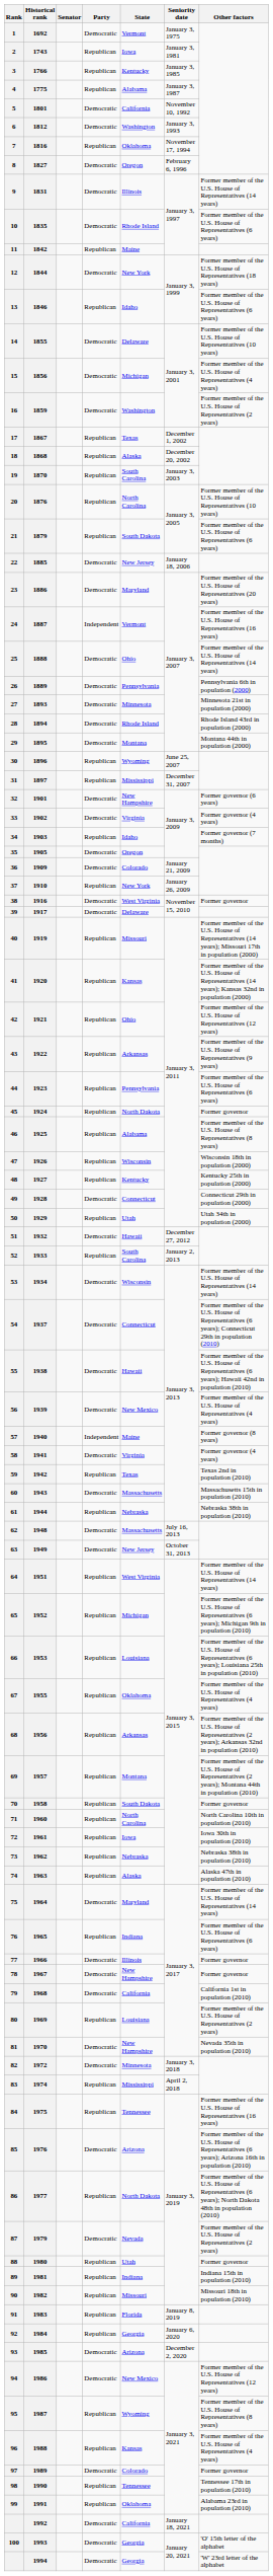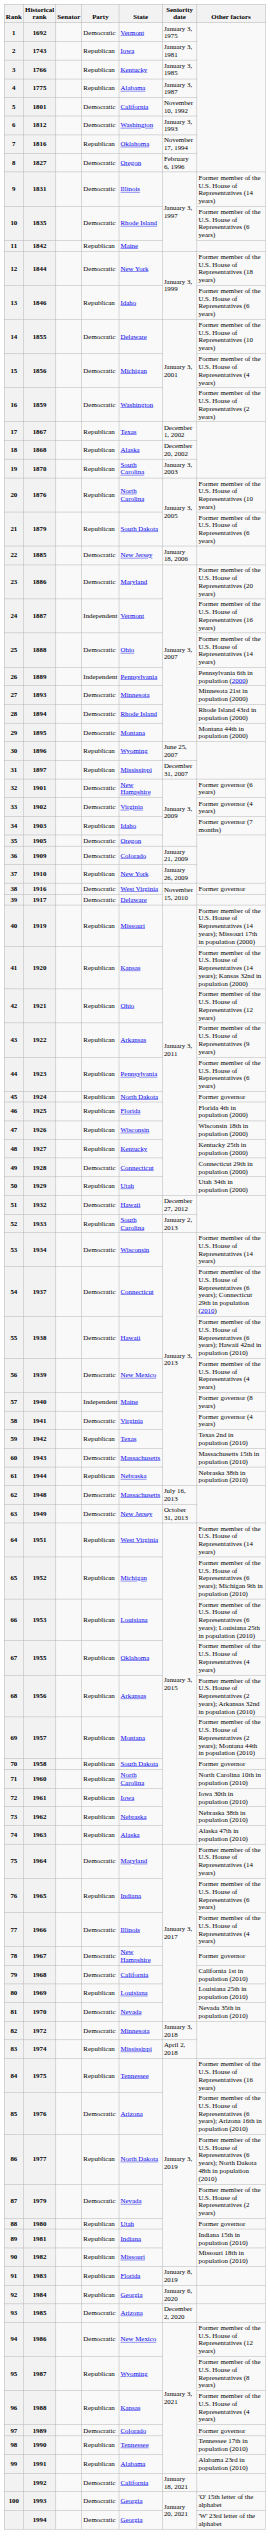 <table class="wikitable sortable">
 <tr valign=bottom>
 <th>Rank</th>
 <th>Historical<br>rank</th>
 <th>Senator</th>
 <th>Party</th>
 <th>State</th>
 <th>Seniority date</th>
 <th>Other factors</th>
 </tr>
 <tr>
 <th>1</th>
 <th>1692</th>
 <td></td>
 <td>Democratic</td>
 <td><a href='#'>Vermont</a></td>
 <td>January 3, 1975</td>
 <td rowspan=8> </td>
 </tr>
 <tr>
 <th>2</th>
 <th>1743</th>
 <td></td>
 <td>Republican</td>
 <td><a href='#'>Iowa</a></td>
 <td>January 3, 1981</td>
 </tr>
 <tr>
 <th>3</th>
 <th>1766</th>
 <td></td>
 <td>Republican</td>
 <td><a href='#'>Kentucky</a></td>
 <td>January 3, 1985</td>
 </tr>
 <tr>
 <th>4</th>
 <th>1775</th>
 <td></td>
 <td>Republican</td>
 <td><a href='#'>Alabama</a></td>
 <td>January 3, 1987</td>
 </tr>
 <tr>
 <th>5</th>
 <th>1801</th>
 <td></td>
 <td>Democratic</td>
 <td><a href='#'>California</a></td>
 <td>November 10, 1992</td>
 </tr>
 <tr>
 <th>6</th>
 <th>1812</th>
 <td></td>
 <td>Democratic</td>
 <td><a href='#'>Washington</a></td>
 <td>January 3, 1993</td>
 </tr>
 <tr>
 <th>7</th>
 <th>1816</th>
 <td></td>
 <td>Republican</td>
 <td><a href='#'>Oklahoma</a></td>
 <td>November 17, 1994</td>
 </tr>
 <tr>
 <th>8</th>
 <th>1827</th>
 <td></td>
 <td>Democratic</td>
 <td><a href='#'>Oregon</a></td>
 <td>February 6, 1996</td>
 </tr>
 <tr>
 <th>9</th>
 <th>1831</th>
 <td></td>
 <td>Democratic</td>
 <td><a href='#'>Illinois</a></td>
 <td rowspan=3>January 3, 1997</td>
 <td>Former member of the U.S. House of Representatives (14 years)</td>
 </tr>
 <tr>
 <th>10</th>
 <th>1835</th>
 <td></td>
 <td>Democratic</td>
 <td><a href='#'>Rhode Island</a></td>
 <td>Former member of the U.S. House of Representatives (6 years)</td>
 </tr>
 <tr>
 <th>11</th>
 <th>1842</th>
 <td></td>
 <td>Republican</td>
 <td><a href='#'>Maine</a></td>
 <td> </td>
 </tr>
 <tr>
 <th>12</th>
 <th>1844</th>
 <td></td>
 <td>Democratic</td>
 <td><a href='#'>New York</a></td>
 <td rowspan=2>January 3, 1999</td>
 <td>Former member of the U.S. House of Representatives (18 years)</td>
 </tr>
 <tr>
 <th>13</th>
 <th>1846</th>
 <td></td>
 <td>Republican</td>
 <td><a href='#'>Idaho</a></td>
 <td>Former member of the U.S. House of Representatives (6 years)</td>
 </tr>
 <tr>
 <th>14</th>
 <th>1855</th>
 <td></td>
 <td>Democratic</td>
 <td><a href='#'>Delaware</a></td>
 <td rowspan=3>January 3, 2001</td>
 <td>Former member of the U.S. House of Representatives (10 years)</td>
 </tr>
 <tr>
 <th>15</th>
 <th>1856</th>
 <td></td>
 <td>Democratic</td>
 <td><a href='#'>Michigan</a></td>
 <td>Former member of the U.S. House of Representatives (4 years)</td>
 </tr>
 <tr>
 <th>16</th>
 <th>1859</th>
 <td></td>
 <td>Democratic</td>
 <td><a href='#'>Washington</a></td>
 <td>Former member of the U.S. House of Representatives (2 years)</td>
 </tr>
 <tr>
 <th>17</th>
 <th>1867</th>
 <td></td>
 <td>Republican</td>
 <td><a href='#'>Texas</a></td>
 <td>December 1, 2002</td>
 <td rowspan=3> </td>
 </tr>
 <tr>
 <th>18</th>
 <th>1868</th>
 <td></td>
 <td>Republican</td>
 <td><a href='#'>Alaska</a></td>
 <td>December 20, 2002</td>
 </tr>
 <tr>
 <th>19</th>
 <th>1870</th>
 <td></td>
 <td>Republican</td>
 <td><a href='#'>South Carolina</a></td>
 <td>January 3, 2003</td>
 </tr>
 <tr>
 <th>20</th>
 <th>1876</th>
 <td></td>
 <td>Republican</td>
 <td><a href='#'>North Carolina</a></td>
 <td rowspan=2>January 3, 2005</td>
 <td>Former member of the U.S. House of Representatives (10 years)</td>
 </tr>
 <tr>
 <th>21</th>
 <th>1879</th>
 <td></td>
 <td>Republican</td>
 <td><a href='#'>South Dakota</a></td>
 <td>Former member of the U.S. House of Representatives (6 years)</td>
 </tr>
 <tr>
 <th>22</th>
 <th>1885</th>
 <td></td>
 <td>Democratic</td>
 <td><a href='#'>New Jersey</a></td>
 <td>January 18, 2006</td>
 <td></td>
 </tr>
 <tr>
 <th>23</th>
 <th>1886</th>
 <td></td>
 <td>Democratic</td>
 <td><a href='#'>Maryland</a></td>
 <td rowspan=7>January 3, 2007</td>
 <td>Former member of the U.S. House of Representatives (20 years)</td>
 </tr>
 <tr>
 <th>24</th>
 <th>1887</th>
 <td></td>
 <td>Independent</td>
 <td><a href='#'>Vermont</a></td>
 <td>Former member of the U.S. House of Representatives (16 years)</td>
 </tr>
 <tr>
 <th>25</th>
 <th>1888</th>
 <td></td>
 <td>Democratic</td>
 <td><a href='#'>Ohio</a></td>
 <td>Former member of the U.S. House of Representatives (14 years)</td>
 </tr>
 <tr>
 <th>26</th>
 <th>1889</th>
 <td></td>
-<td>Democratic</td>
+<td>Independent</td>
 <td><a href='#'>Pennsylvania</a></td>
 <td>Pennsylvania 6th in population (<a href='#'>2000</a>)</td>
 </tr>
 <tr>
 <th>27</th>
 <th>1893</th>
 <td></td>
 <td>Democratic</td>
 <td><a href='#'>Minnesota</a></td>
 <td>Minnesota 21st in population (2000)</td>
 </tr>
 <tr>
 <th>28</th>
 <th>1894</th>
 <td></td>
 <td>Democratic</td>
 <td><a href='#'>Rhode Island</a></td>
 <td>Rhode Island 43rd in population (2000)</td>
 </tr>
 <tr>
 <th>29</th>
 <th>1895</th>
 <td></td>
 <td>Democratic</td>
 <td><a href='#'>Montana</a></td>
 <td>Montana 44th in population (2000)</td>
 </tr>
 <tr>
 <th>30</th>
 <th>1896</th>
 <td></td>
 <td>Republican</td>
 <td><a href='#'>Wyoming</a></td>
 <td>June 25, 2007</td>
 <td rowspan=2> </td>
 </tr>
 <tr>
 <th>31</th>
 <th>1897</th>
 <td></td>
 <td>Republican</td>
 <td><a href='#'>Mississippi</a></td>
 <td>December 31, 2007</td>
 </tr>
 <tr>
 <th>32</th>
 <th>1901</th>
 <td></td>
 <td>Democratic</td>
 <td><a href='#'>New Hampshire</a></td>
 <td rowspan=4>January 3, 2009</td>
 <td>Former governor (6 years)</td>
 </tr>
 <tr>
 <th>33</th>
 <th>1902</th>
 <td></td>
 <td>Democratic</td>
 <td><a href='#'>Virginia</a></td>
 <td>Former governor (4 years)</td>
 </tr>
 <tr>
 <th>34</th>
 <th>1903</th>
 <td></td>
 <td>Republican</td>
 <td><a href='#'>Idaho</a></td>
 <td>Former governor (7 months)</td>
 </tr>
 <tr>
 <th>35</th>
 <th>1905</th>
 <td></td>
 <td>Democratic</td>
 <td><a href='#'>Oregon</a></td>
 <td rowspan=3> </td>
 </tr>
 <tr>
 <th>36</th>
 <th>1909</th>
 <td></td>
 <td>Democratic</td>
 <td><a href='#'>Colorado</a></td>
 <td>January 21, 2009</td>
 </tr>
 <tr>
 <th>37</th>
 <th>1910</th>
 <td></td>
 <td>Republican</td>
 <td><a href='#'>New York</a></td>
 <td>January 26, 2009</td>
 </tr>
 <tr>
 <th>38</th>
 <th>1916</th>
 <td></td>
 <td>Democratic</td>
 <td><a href='#'>West Virginia</a></td>
 <td rowspan=2>November 15, 2010</td>
 <td>Former governor</td>
 </tr>
 <tr>
 <th>39</th>
 <th>1917</th>
 <td></td>
 <td>Democratic</td>
 <td><a href='#'>Delaware</a></td>
 <td> </td>
 </tr>
 <tr>
 <th>40</th>
 <th>1919</th>
 <td></td>
 <td>Republican</td>
 <td><a href='#'>Missouri</a></td>
 <td rowspan=11>January 3, 2011</td>
 <td>Former member of the U.S. House of Representatives (14 years); Missouri 17th in population (2000)</td>
 </tr>
 <tr>
 <th>41</th>
 <th>1920</th>
 <td></td>
 <td>Republican</td>
 <td><a href='#'>Kansas</a></td>
 <td>Former member of the U.S. House of Representatives (14 years); Kansas 32nd in population (2000)</td>
 </tr>
 <tr>
 <th>42</th>
 <th>1921</th>
 <td></td>
 <td>Republican</td>
 <td><a href='#'>Ohio</a></td>
 <td>Former member of the U.S. House of Representatives (12 years)</td>
 </tr>
 <tr>
 <th>43</th>
 <th>1922</th>
 <td></td>
 <td>Republican</td>
 <td><a href='#'>Arkansas</a></td>
 <td>Former member of the U.S. House of Representatives (9 years)</td>
 </tr>
 <tr>
 <th>44</th>
 <th>1923</th>
 <td></td>
 <td>Republican</td>
 <td><a href='#'>Pennsylvania</a></td>
 <td>Former member of the U.S. House of Representatives (6 years)</td>
 </tr>
 <tr>
 <th>45</th>
 <th>1924</th>
 <td></td>
 <td>Republican</td>
 <td><a href='#'>North Dakota</a></td>
 <td>Former governor</td>
 </tr>
 <tr>
 <th>46</th>
 <th>1925</th>
 <td></td>
 <td>Republican</td>
-<td><a href='#'>Alabama</a></td>
-<td>Former member of the U.S. House of Representatives (8 years)</td>
+<td><a href='#'>Florida</a></td>
+<td>Florida 4th in population (2000)</td>
 </tr>
 <tr>
 <th>47</th>
 <th>1926</th>
 <td></td>
 <td>Republican</td>
 <td><a href='#'>Wisconsin</a></td>
 <td>Wisconsin 18th in population (2000)</td>
 </tr>
 <tr>
 <th>48</th>
 <th>1927</th>
 <td></td>
 <td>Republican</td>
 <td><a href='#'>Kentucky</a></td>
 <td>Kentucky 25th in population (2000)</td>
 </tr>
 <tr>
 <th>49</th>
 <th>1928</th>
 <td></td>
 <td>Democratic</td>
 <td><a href='#'>Connecticut</a></td>
 <td>Connecticut 29th in population (2000)</td>
 </tr>
 <tr>
 <th>50</th>
 <th>1929</th>
 <td></td>
 <td>Republican</td>
 <td><a href='#'>Utah</a></td>
 <td>Utah 34th in population (2000)</td>
 </tr>
 <tr>
 <th>51</th>
 <th>1932</th>
 <td></td>
 <td>Democratic</td>
 <td><a href='#'>Hawaii</a></td>
 <td>December 27, 2012</td>
 <td rowspan=2> </td>
 </tr>
 <tr>
 <th>52</th>
 <th>1933</th>
 <td></td>
 <td>Republican</td>
 <td><a href='#'>South Carolina</a></td>
 <td>January 2, 2013</td>
 </tr>
 <tr>
 <th>53</th>
 <th>1934</th>
 <td></td>
 <td>Democratic</td>
 <td><a href='#'>Wisconsin</a></td>
 <td rowspan=9>January 3, 2013</td>
 <td>Former member of the U.S. House of Representatives (14 years)</td>
 </tr>
 <tr>
 <th>54</th>
 <th>1937</th>
 <td></td>
 <td>Democratic</td>
 <td><a href='#'>Connecticut</a></td>
 <td>Former member of the U.S. House of Representatives (6 years); Connecticut 29th in population (<a href='#'>2010</a>)</td>
 </tr>
 <tr>
 <th>55</th>
 <th>1938</th>
 <td></td>
 <td>Democratic</td>
 <td><a href='#'>Hawaii</a></td>
 <td>Former member of the U.S. House of Representatives (6 years); Hawaii 42nd in population (2010)</td>
 </tr>
 <tr>
 <th>56</th>
 <th>1939</th>
 <td></td>
 <td>Democratic</td>
 <td><a href='#'>New Mexico</a></td>
 <td>Former member of the U.S. House of Representatives (4 years)</td>
 </tr>
 <tr>
 <th>57</th>
 <th>1940</th>
 <td></td>
 <td>Independent</td>
 <td><a href='#'>Maine</a></td>
 <td>Former governor (8 years)</td>
 </tr>
 <tr>
 <th>58</th>
 <th>1941</th>
 <td></td>
 <td>Democratic</td>
 <td><a href='#'>Virginia</a></td>
 <td>Former governor (4 years)</td>
 </tr>
 <tr>
 <th>59</th>
 <th>1942</th>
 <td></td>
 <td>Republican</td>
 <td><a href='#'>Texas</a></td>
 <td>Texas 2nd in population (2010)</td>
 </tr>
 <tr>
 <th>60</th>
 <th>1943</th>
 <td></td>
 <td>Democratic</td>
 <td><a href='#'>Massachusetts</a></td>
 <td>Massachusetts 15th in population (2010)</td>
 </tr>
 <tr>
 <th>61</th>
 <th>1944</th>
 <td></td>
 <td>Republican</td>
 <td><a href='#'>Nebraska</a></td>
 <td>Nebraska 38th in population (2010)</td>
 </tr>
 <tr>
 <th>62</th>
 <th>1948</th>
 <td></td>
 <td>Democratic</td>
 <td><a href='#'>Massachusetts</a></td>
 <td>July 16, 2013</td>
 <td rowspan=2> </td>
 </tr>
 <tr>
 <th>63</th>
 <th>1949</th>
 <td></td>
 <td>Democratic</td>
 <td><a href='#'>New Jersey</a></td>
 <td>October 31, 2013</td>
 </tr>
 <tr>
 <th>64</th>
 <th>1951</th>
 <td></td>
 <td>Republican</td>
 <td><a href='#'>West Virginia</a></td>
 <td rowspan=11>January 3, 2015</td>
 <td>Former member of the U.S. House of Representatives (14 years)</td>
 </tr>
 <tr>
 <th>65</th>
 <th>1952</th>
 <td></td>
 <td>Republican</td>
 <td><a href='#'>Michigan</a></td>
 <td>Former member of the U.S. House of Representatives (6 years); Michigan 9th in population (2010)</td>
 </tr>
 <tr>
 <th>66</th>
 <th>1953</th>
 <td></td>
 <td>Republican</td>
 <td><a href='#'>Louisiana</a></td>
 <td>Former member of the U.S. House of Representatives (6 years); Louisiana 25th in population (2010)</td>
 </tr>
 <tr>
 <th>67</th>
 <th>1955</th>
 <td></td>
 <td>Republican</td>
 <td><a href='#'>Oklahoma</a></td>
 <td>Former member of the U.S. House of Representatives (4 years)</td>
 </tr>
 <tr>
 <th>68</th>
 <th>1956</th>
 <td></td>
 <td>Republican</td>
 <td><a href='#'>Arkansas</a></td>
 <td>Former member of the U.S. House of Representatives (2 years); Arkansas 32nd in population (2010)</td>
 </tr>
 <tr>
 <th>69</th>
 <th>1957</th>
 <td></td>
 <td>Republican</td>
 <td><a href='#'>Montana</a></td>
 <td>Former member of the U.S. House of Representatives (2 years); Montana 44th in population (2010)</td>
 </tr>
 <tr>
 <th>70</th>
 <th>1958</th>
 <td></td>
 <td>Republican</td>
 <td><a href='#'>South Dakota</a></td>
 <td>Former governor</td>
 </tr>
 <tr>
 <th>71</th>
 <th>1960</th>
 <td></td>
 <td>Republican</td>
 <td><a href='#'>North Carolina</a></td>
 <td>North Carolina 10th in population (2010)</td>
 </tr>
 <tr>
 <th>72</th>
 <th>1961</th>
 <td></td>
 <td>Republican</td>
 <td><a href='#'>Iowa</a></td>
 <td>Iowa 30th in population (2010)</td>
 </tr>
 <tr>
 <th>73</th>
 <th>1962</th>
 <td></td>
 <td>Republican</td>
 <td><a href='#'>Nebraska</a></td>
 <td>Nebraska 38th in population (2010)</td>
 </tr>
 <tr>
 <th>74</th>
 <th>1963</th>
 <td></td>
 <td>Republican</td>
 <td><a href='#'>Alaska</a></td>
 <td>Alaska 47th in population (2010)</td>
 </tr>
 <tr>
 <th>75</th>
 <th>1964</th>
 <td></td>
 <td>Democratic</td>
 <td><a href='#'>Maryland</a></td>
 <td rowspan=7>January 3, 2017</td>
 <td>Former member of the U.S. House of Representatives (14 years)</td>
 </tr>
 <tr>
 <th>76</th>
 <th>1965</th>
 <td></td>
 <td>Republican</td>
 <td><a href='#'>Indiana</a></td>
 <td>Former member of the U.S. House of Representatives (6 years)</td>
 </tr>
 <tr>
 <th>77</th>
 <th>1966</th>
 <td></td>
 <td>Democratic</td>
 <td><a href='#'>Illinois</a></td>
-<td>Former governor</td>
+<td>Former member of the U.S. House of Representatives (4 years)</td>
 </tr>
 <tr>
 <th>78</th>
 <th>1967</th>
 <td></td>
 <td>Democratic</td>
 <td><a href='#'>New Hampshire</a></td>
 <td>Former governor</td>
 </tr>
 <tr>
 <th>79</th>
 <th>1968</th>
 <td></td>
 <td>Democratic</td>
 <td><a href='#'>California</a></td>
 <td>California 1st in population (2010)</td>
 </tr>
 <tr>
 <th>80</th>
 <th>1969</th>
 <td></td>
 <td>Republican</td>
 <td><a href='#'>Louisiana</a></td>
-<td>Former member of the U.S. House of Representatives (2 years)</td>
+<td>Louisiana 25th in population (2010)</td>
 </tr>
 <tr>
 <th>81</th>
 <th>1970</th>
 <td></td>
 <td>Democratic</td>
-<td><a href='#'>New Hampshire</a></td>
+<td><a href='#'>Nevada</a></td>
 <td>Nevada 35th in population (2010)</td>
 </tr>
 <tr>
 <th>82</th>
 <th>1972</th>
 <td></td>
 <td>Democratic</td>
 <td><a href='#'>Minnesota</a></td>
 <td>January 3, 2018</td>
 <td rowspan=2> </td>
 </tr>
 <tr>
 <th>83</th>
 <th>1974</th>
 <td></td>
 <td>Republican</td>
 <td><a href='#'>Mississippi</a></td>
 <td>April 2, 2018</td>
 </tr>
 <tr>
 <th>84</th>
 <th>1975</th>
 <td></td>
 <td>Republican</td>
 <td><a href='#'>Tennessee</a></td>
 <td rowspan=7>January 3, 2019</td>
 <td>Former member of the U.S. House of Representatives (16 years)</td>
 </tr>
 <tr>
 <th>85</th>
 <th>1976</th>
 <td></td>
 <td>Democratic</td>
 <td><a href='#'>Arizona</a></td>
 <td>Former member of the U.S. House of Representatives (6 years); Arizona 16th in population (2010)</td>
 </tr>
 <tr>
 <th>86</th>
 <th>1977</th>
 <td></td>
 <td>Republican</td>
 <td><a href='#'>North Dakota</a></td>
 <td>Former member of the U.S. House of Representatives (6 years); North Dakota 48th in population (2010)</td>
 </tr>
 <tr>
 <th>87</th>
 <th>1979</th>
 <td></td>
 <td>Democratic</td>
 <td><a href='#'>Nevada</a></td>
 <td>Former member of the U.S. House of Representatives (2 years)</td>
 </tr>
 <tr>
 <th>88</th>
 <th>1980</th>
 <td></td>
 <td>Republican</td>
 <td><a href='#'>Utah</a></td>
 <td>Former governor</td>
 </tr>
 <tr>
 <th>89</th>
 <th>1981</th>
 <td></td>
 <td>Republican</td>
 <td><a href='#'>Indiana</a></td>
 <td>Indiana 15th in population (2010)</td>
 </tr>
 <tr>
 <th>90</th>
 <th>1982</th>
 <td></td>
 <td>Republican</td>
 <td><a href='#'>Missouri</a></td>
 <td>Missouri 18th in population (2010)</td>
 </tr>
 <tr>
 <th>91</th>
 <th>1983</th>
 <td></td>
 <td>Republican</td>
 <td><a href='#'>Florida</a></td>
 <td>January 8, 2019</td>
 <td></td>
 </tr>
 <tr>
 <th>92</th>
 <th>1984</th>
 <td></td>
 <td>Republican</td>
 <td><a href='#'>Georgia</a></td>
 <td>January 6, 2020</td>
 <td> </td>
 </tr>
 <tr>
 <th>93</th>
 <th>1985</th>
 <td></td>
 <td>Democratic</td>
 <td><a href='#'>Arizona</a></td>
 <td>December 2, 2020</td>
 <td> </td>
 </tr>
 <tr>
 <th>94</th>
 <th>1986</th>
 <td></td>
 <td>Democratic</td>
 <td><a href='#'>New Mexico</a></td>
 <td rowspan=6>January 3, 2021</td>
 <td>Former member of the U.S. House of Representatives (12 years)</td>
 </tr>
 <tr>
 <th>95</th>
 <th>1987</th>
 <td></td>
 <td>Republican</td>
 <td><a href='#'>Wyoming</a></td>
 <td>Former member of the U.S. House of Representatives (8 years)</td>
 </tr>
 <tr>
 <th>96</th>
 <th>1988</th>
 <td></td>
 <td>Republican</td>
 <td><a href='#'>Kansas</a></td>
 <td>Former member of the U.S. House of Representatives (4 years)</td>
 </tr>
 <tr>
 <th>97</th>
 <th>1989</th>
 <td></td>
 <td>Democratic</td>
 <td><a href='#'>Colorado</a></td>
 <td>Former governor</td>
 </tr>
 <tr>
 <th>98</th>
 <th>1990</th>
 <td></td>
 <td>Republican</td>
 <td><a href='#'>Tennessee</a></td>
 <td>Tennessee 17th in population (2010)</td>
 </tr>
 <tr>
 <th>99</th>
 <th>1991</th>
 <td></td>
 <td>Republican</td>
-<td><a href='#'>Oklahoma</a></td>
+<td><a href='#'>Alabama</a></td>
 <td>Alabama 23rd in population (2010)</td>
 </tr>
 <tr>
 <th></th>
 <th>1992</th>
 <td></td>
 <td>Democratic</td>
 <td><a href='#'>California</a></td>
 <td>January 18, 2021</td>
 <td></td>
 </tr>
 <tr>
 <th>100</th>
 <th>1993</th>
 <td></td>
 <td>Democratic</td>
 <td><a href='#'>Georgia</a></td>
 <td rowspan=2>January 20, 2021</td>
 <td>'O' 15th letter of the alphabet</td>
 </tr>
 <tr>
 <th></th>
 <th>1994</th>
 <td></td>
 <td>Democratic</td>
 <td><a href='#'>Georgia</a></td>
 <td>'W' 23rd letter of the alphabet</td>
 </tr>
 </table>
